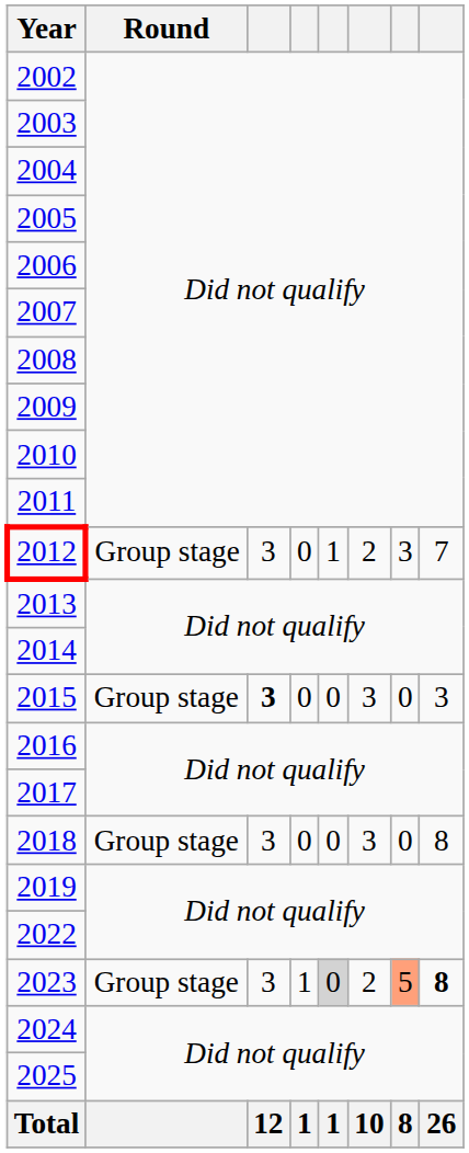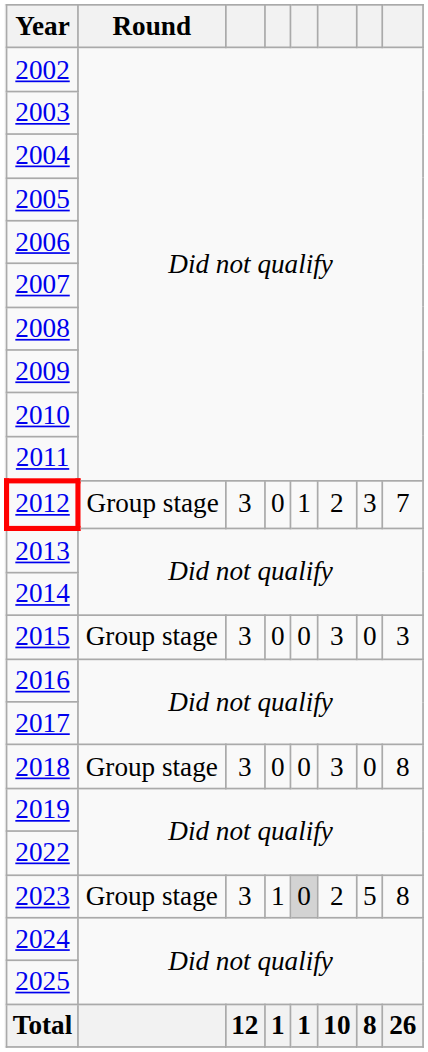 <table class="wikitable" style="text-align: center;">
 <tr>
 <th>Year</th>
 <th>Round</th>
 <th></th>
 <th></th>
 <th></th>
 <th></th>
 <th></th>
 <th></th>
 </tr>
 <tr>
 <td> <a href='#'>2002</a></td>
 <td rowspan=10 colspan=7><em>Did not qualify</em></td>
 </tr>
 <tr>
 <td> <a href='#'>2003</a></td>
 </tr>
 <tr>
 <td> <a href='#'>2004</a></td>
 </tr>
 <tr>
 <td> <a href='#'>2005</a></td>
 </tr>
 <tr>
 <td> <a href='#'>2006</a></td>
 </tr>
 <tr>
 <td> <a href='#'>2007</a></td>
 </tr>
 <tr>
 <td> <a href='#'>2008</a></td>
 </tr>
 <tr>
 <td> <a href='#'>2009</a></td>
 </tr>
 <tr>
 <td> <a href='#'>2010</a></td>
 </tr>
 <tr>
 <td> <a href='#'>2011</a></td>
 </tr>
 <tr bgcolor=>
 <td style="border: 3px solid red"> <a href='#'>2012</a></td>
 <td>Group stage</td>
 <td>3</td>
 <td>0</td>
 <td>1</td>
 <td>2</td>
 <td>3</td>
 <td>7</td>
 </tr>
 <tr>
 <td> <a href='#'>2013</a></td>
 <td rowspan=2 colspan=7><em>Did not qualify</em></td>
 </tr>
 <tr>
 <td> <a href='#'>2014</a></td>
 </tr>
 <tr>
 <td> <a href='#'>2015</a></td>
 <td>Group stage</td>
-<td><strong>3</strong></td>
+<td>3</td>
 <td>0</td>
 <td>0</td>
 <td>3</td>
 <td>0</td>
 <td>3</td>
 </tr>
 <tr>
 <td> <a href='#'>2016</a></td>
 <td rowspan=2 colspan=7><em>Did not qualify</em></td>
 </tr>
 <tr>
 <td> <a href='#'>2017</a></td>
 </tr>
 <tr>
 <td> <a href='#'>2018</a></td>
 <td>Group stage</td>
 <td>3</td>
 <td>0</td>
 <td>0</td>
 <td>3</td>
 <td>0</td>
 <td>8</td>
 </tr>
 <tr>
 <td> <a href='#'>2019</a></td>
 <td colspan=7 rowspan=2><em>Did not qualify</em></td>
 </tr>
 <tr>
 <td> <a href='#'>2022</a></td>
 </tr>
 <tr>
 <td> <a href='#'>2023</a></td>
 <td>Group stage</td>
 <td>3</td>
 <td>1</td>
 <td style="background: lightgrey;">0</td>
 <td>2</td>
-<td style="background: lightsalmon;">5</td>
-<td><strong>8</strong></td>
+<td>5</td>
+<td>8</td>
 </tr>
 <tr>
 <td> <a href='#'>2024</a></td>
 <td colspan=7 rowspan=2><em>Did not qualify</em></td>
 </tr>
 <tr>
 <td> <a href='#'>2025</a></td>
 </tr>
 <tr>
 <th>Total</th>
 <th></th>
 <th>12</th>
 <th>1</th>
 <th>1</th>
 <th>10</th>
 <th>8</th>
 <th>26</th>
 </tr>
 </table>
